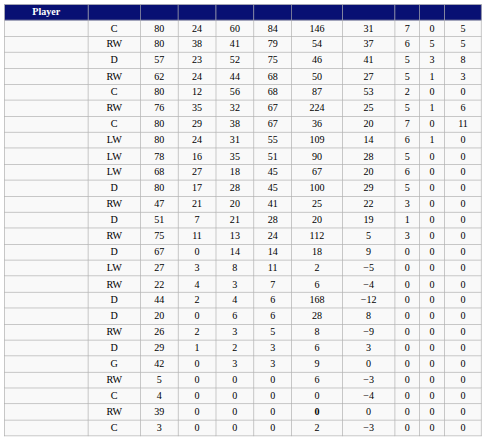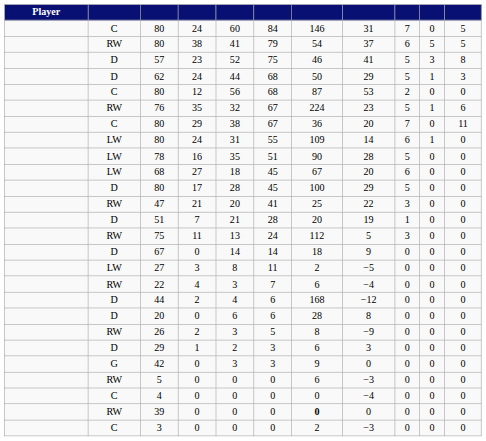 <table class="wikitable sortable" style="width:60%; text-align:center;">
 <tr align=center>
 <th style="color:white; background:#081073; ">Player</th>
 <th style="color:white; background:#081073; "></th>
 <th style="color:white; background:#081073; "></th>
 <th style="color:white;background:#081073; "></th>
 <th style="color:white;background:#081073; "></th>
 <th style="color:white;background:#081073; "></th>
 <th style="color:white;background:#081073; "></th>
 <th style="color:white; background:#081073; "></th>
 <th style="color:white;background:#081073; "></th>
 <th style="color:white;background:#081073; "></th>
 <th style="color:white;background:#081073; "></th>
 </tr>
 <tr>
 <td align="right"></td>
 <td>C</td>
 <td>80</td>
 <td>24</td>
 <td>60</td>
 <td>84</td>
 <td>146</td>
 <td>31</td>
 <td>7</td>
 <td>0</td>
 <td>5</td>
 </tr>
 <tr align="center">
 <td align="right"></td>
 <td>RW</td>
 <td>80</td>
 <td>38</td>
 <td>41</td>
 <td>79</td>
 <td>54</td>
 <td>37</td>
 <td>6</td>
 <td>5</td>
 <td>5</td>
 </tr>
 <tr align="center">
 <td align="right"></td>
 <td>D</td>
 <td>57</td>
 <td>23</td>
 <td>52</td>
 <td>75</td>
 <td>46</td>
 <td>41</td>
 <td>5</td>
 <td>3</td>
 <td>8</td>
 </tr>
 <tr align="center">
 <td align="right"></td>
-<td>RW</td>
+<td>D</td>
 <td>62</td>
 <td>24</td>
 <td>44</td>
 <td>68</td>
 <td>50</td>
-<td>27</td>
+<td>29</td>
 <td>5</td>
 <td>1</td>
 <td>3</td>
 </tr>
 <tr align="center">
 <td align="right"></td>
 <td>C</td>
 <td>80</td>
 <td>12</td>
 <td>56</td>
 <td>68</td>
 <td>87</td>
 <td>53</td>
 <td>2</td>
 <td>0</td>
 <td>0</td>
 </tr>
 <tr align="center">
 <td align="right"></td>
 <td>RW</td>
 <td>76</td>
 <td>35</td>
 <td>32</td>
 <td>67</td>
 <td>224</td>
-<td>25</td>
+<td>23</td>
 <td>5</td>
 <td>1</td>
 <td>6</td>
 </tr>
 <tr align="center">
 <td align="right"></td>
 <td>C</td>
 <td>80</td>
 <td>29</td>
 <td>38</td>
 <td>67</td>
 <td>36</td>
 <td>20</td>
 <td>7</td>
 <td>0</td>
 <td>11</td>
 </tr>
 <tr align="center">
 <td align="right"></td>
 <td>LW</td>
 <td>80</td>
 <td>24</td>
 <td>31</td>
 <td>55</td>
 <td>109</td>
 <td>14</td>
 <td>6</td>
 <td>1</td>
 <td>0</td>
 </tr>
 <tr align="center">
 <td align="right"></td>
 <td>LW</td>
 <td>78</td>
 <td>16</td>
 <td>35</td>
 <td>51</td>
 <td>90</td>
 <td>28</td>
 <td>5</td>
 <td>0</td>
 <td>0</td>
 </tr>
 <tr align="center">
 <td align="right"></td>
 <td>LW</td>
 <td>68</td>
 <td>27</td>
 <td>18</td>
 <td>45</td>
 <td>67</td>
 <td>20</td>
 <td>6</td>
 <td>0</td>
 <td>0</td>
 </tr>
 <tr align="center">
 <td align="right"></td>
 <td>D</td>
 <td>80</td>
 <td>17</td>
 <td>28</td>
 <td>45</td>
 <td>100</td>
 <td>29</td>
 <td>5</td>
 <td>0</td>
 <td>0</td>
 </tr>
 <tr align="center">
 <td align="right"></td>
 <td>RW</td>
 <td>47</td>
 <td>21</td>
 <td>20</td>
 <td>41</td>
 <td>25</td>
 <td>22</td>
 <td>3</td>
 <td>0</td>
 <td>0</td>
 </tr>
 <tr align="center">
 <td align="right"></td>
 <td>D</td>
 <td>51</td>
 <td>7</td>
 <td>21</td>
 <td>28</td>
 <td>20</td>
 <td>19</td>
 <td>1</td>
 <td>0</td>
 <td>0</td>
 </tr>
 <tr align="center">
 <td align="right"></td>
 <td>RW</td>
 <td>75</td>
 <td>11</td>
 <td>13</td>
 <td>24</td>
 <td>112</td>
 <td>5</td>
 <td>3</td>
 <td>0</td>
 <td>0</td>
 </tr>
 <tr align="center">
 <td align="right"></td>
 <td>D</td>
 <td>67</td>
 <td>0</td>
 <td>14</td>
 <td>14</td>
 <td>18</td>
 <td>9</td>
 <td>0</td>
 <td>0</td>
 <td>0</td>
 </tr>
 <tr align="center">
 <td align="right"></td>
 <td>LW</td>
 <td>27</td>
 <td>3</td>
 <td>8</td>
 <td>11</td>
 <td>2</td>
 <td>−5</td>
 <td>0</td>
 <td>0</td>
 <td>0</td>
 </tr>
 <tr align="center">
 <td align="right"></td>
 <td>RW</td>
 <td>22</td>
 <td>4</td>
 <td>3</td>
 <td>7</td>
 <td>6</td>
 <td>−4</td>
 <td>0</td>
 <td>0</td>
 <td>0</td>
 </tr>
 <tr align="center">
 <td align="right"></td>
 <td>D</td>
 <td>44</td>
 <td>2</td>
 <td>4</td>
 <td>6</td>
 <td>168</td>
 <td>−12</td>
 <td>0</td>
 <td>0</td>
 <td>0</td>
 </tr>
 <tr align="center">
 <td align="right"></td>
 <td>D</td>
 <td>20</td>
 <td>0</td>
 <td>6</td>
 <td>6</td>
 <td>28</td>
 <td>8</td>
 <td>0</td>
 <td>0</td>
 <td>0</td>
 </tr>
 <tr align="center">
 <td align="right"></td>
 <td>RW</td>
 <td>26</td>
 <td>2</td>
 <td>3</td>
 <td>5</td>
 <td>8</td>
 <td>−9</td>
 <td>0</td>
 <td>0</td>
 <td>0</td>
 </tr>
 <tr align="center">
 <td align="right"></td>
 <td>D</td>
 <td>29</td>
 <td>1</td>
 <td>2</td>
 <td>3</td>
 <td>6</td>
 <td>3</td>
 <td>0</td>
 <td>0</td>
 <td>0</td>
 </tr>
 <tr align="center">
 <td align="right"></td>
 <td>G</td>
 <td>42</td>
 <td>0</td>
 <td>3</td>
 <td>3</td>
 <td>9</td>
 <td>0</td>
 <td>0</td>
 <td>0</td>
 <td>0</td>
 </tr>
 <tr align="center">
 <td align="right"></td>
 <td>RW</td>
 <td>5</td>
 <td>0</td>
 <td>0</td>
 <td>0</td>
 <td>6</td>
 <td>−3</td>
 <td>0</td>
 <td>0</td>
 <td>0</td>
 </tr>
 <tr align="center">
 <td align="right"></td>
 <td>C</td>
 <td>4</td>
 <td>0</td>
 <td>0</td>
 <td>0</td>
 <td>0</td>
 <td>−4</td>
 <td>0</td>
 <td>0</td>
 <td>0</td>
 </tr>
 <tr align="center">
 <td align="right"></td>
 <td>RW</td>
 <td>39</td>
 <td>0</td>
 <td>0</td>
 <td>0</td>
 <td><strong>0</strong></td>
 <td>0</td>
 <td>0</td>
 <td>0</td>
 <td>0</td>
 </tr>
 <tr align="center">
 <td align="right"></td>
 <td>C</td>
 <td>3</td>
 <td>0</td>
 <td>0</td>
 <td>0</td>
 <td>2</td>
 <td>−3</td>
 <td>0</td>
 <td>0</td>
 <td>0</td>
 </tr>
 </table>
